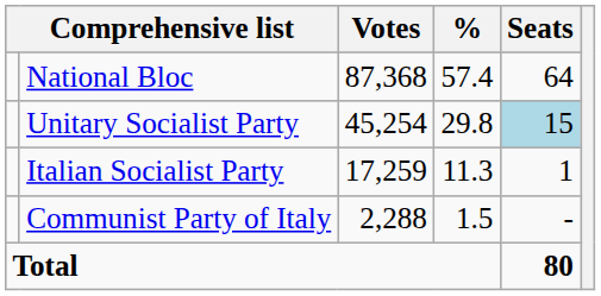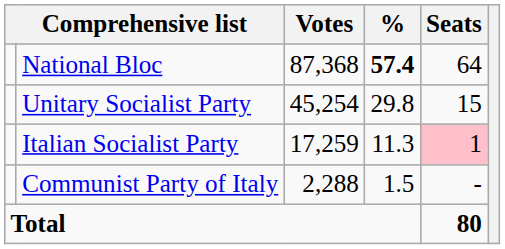 <table class="wikitable">
 <tr>
 <th colspan=2>Comprehensive list</th>
 <th>Votes</th>
 <th>%</th>
 <th>Seats</th>
 <th rowspan=6></th>
 </tr>
 <tr>
 <td style="background-color:"></td>
 <td><a href='#'>National Bloc</a></td>
 <td align=right>87,368</td>
-<td align=right>57.4</td>
+<td align=right><strong>57.4</strong></td>
 <td align=right>64</td>
 </tr>
 <tr>
 <td style="background-color:"></td>
 <td><a href='#'>Unitary Socialist Party</a></td>
 <td align=right>45,254</td>
 <td align=right>29.8</td>
-<td align=right style="background: lightblue;">15</td>
+<td align=right>15</td>
 </tr>
 <tr>
 <td style="background-color:"></td>
 <td><a href='#'>Italian Socialist Party</a></td>
 <td align=right>17,259</td>
 <td align=right>11.3</td>
-<td align=right>1</td>
+<td align=right style="background: pink;">1</td>
 </tr>
 <tr>
 <td style="background-color:"></td>
 <td><a href='#'>Communist Party of Italy</a></td>
 <td align=right>2,288</td>
 <td align=right>1.5</td>
 <td align=right>-</td>
 </tr>
 <tr>
 <td colspan=4><strong>Total</strong></td>
 <td align=right><strong>80</strong></td>
 </tr>
 </table>
